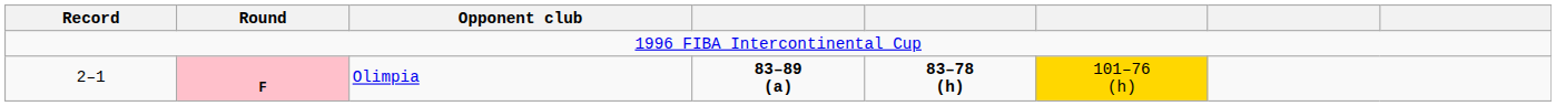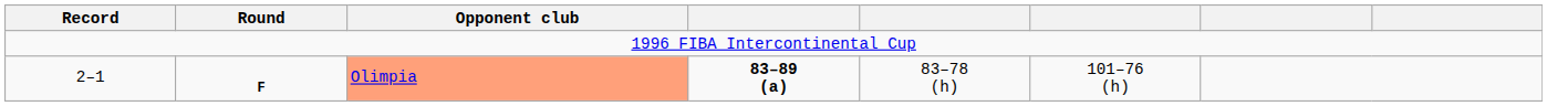 <table class="wikitable" width=100% style="text-align: center;">
 <tr>
 <th width=10%>Record</th>
 <th width=10%>Round</th>
 <th width=20%>Opponent club</th>
 <th width=10%></th>
 <th width=10%></th>
 <th width=10%></th>
 <th width=10%></th>
 <th width=10%></th>
 </tr>
 <tr>
 <td colspan=8><a href='#'>1996 FIBA Intercontinental Cup</a></td>
 </tr>
 <tr>
 <td>2–1</td>
-<td style="background: pink;"><br><small><strong>F</strong></small></td>
-<td align=left> <a href='#'>Olimpia</a></td>
+<td><br><small><strong>F</strong></small></td>
+<td align=left style="background: lightsalmon;"> <a href='#'>Olimpia</a></td>
 <td><strong>83–89 <br>(a)</strong></td>
-<td><strong>83–78 <br>(h)</strong></td>
-<td style="background: gold;">101–76 <br>(h)</td>
+<td>83–78 <br>(h)</td>
+<td>101–76 <br>(h)</td>
 </tr>
 </table>
